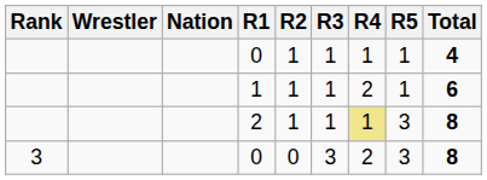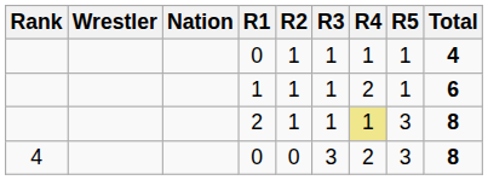 <table class="wikitable sortable" style="text-align:center;">
 <tr>
 <th>Rank</th>
 <th>Wrestler</th>
 <th>Nation</th>
 <th>R1</th>
 <th>R2</th>
 <th>R3</th>
 <th>R4</th>
 <th>R5</th>
 <th>Total</th>
 </tr>
 <tr>
 <td></td>
 <td align=left></td>
 <td align=left></td>
 <td>0</td>
 <td>1</td>
 <td>1</td>
 <td>1</td>
 <td>1</td>
 <td><strong>4</strong></td>
 </tr>
 <tr>
 <td></td>
 <td align=left></td>
 <td align=left></td>
 <td>1</td>
 <td>1</td>
 <td>1</td>
 <td>2</td>
 <td>1</td>
 <td><strong>6</strong></td>
 </tr>
 <tr>
 <td></td>
 <td align=left></td>
 <td align=left></td>
 <td>2</td>
 <td>1</td>
 <td>1</td>
 <td style="background: khaki;">1</td>
 <td>3</td>
 <td><strong>8</strong></td>
 </tr>
 <tr>
-<td>3</td>
+<td>4</td>
 <td align=left></td>
 <td align=left></td>
 <td>0</td>
 <td>0</td>
 <td>3</td>
 <td>2</td>
 <td>3</td>
 <td><strong>8</strong></td>
 </tr>
 </table>
